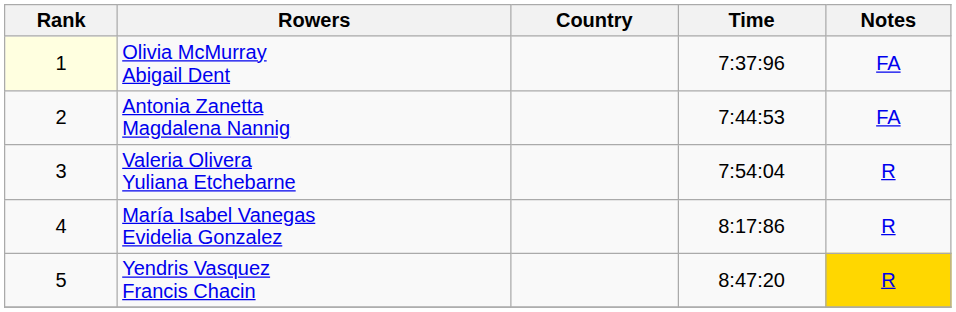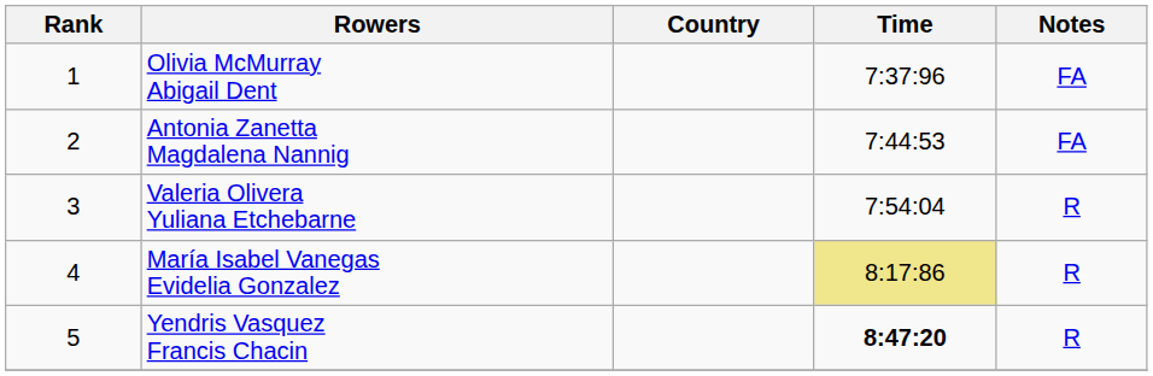 <table class="wikitable" width=60% style="text-align:center">
 <tr>
 <th>Rank</th>
 <th>Rowers</th>
 <th>Country</th>
 <th>Time</th>
 <th>Notes</th>
 </tr>
 <tr>
-<td style="background: lightyellow;">1</td>
+<td>1</td>
 <td align=left><a href='#'>Olivia McMurray</a><br><a href='#'>Abigail Dent</a></td>
 <td align=left></td>
 <td>7:37:96</td>
 <td><a href='#'>FA</a></td>
 </tr>
 <tr>
 <td>2</td>
 <td align=left><a href='#'>Antonia Zanetta</a><br><a href='#'>Magdalena Nannig</a></td>
 <td align=left></td>
 <td>7:44:53</td>
 <td><a href='#'>FA</a></td>
 </tr>
 <tr>
 <td>3</td>
 <td align=left><a href='#'>Valeria Olivera</a><br><a href='#'>Yuliana Etchebarne</a></td>
 <td align=left></td>
 <td>7:54:04</td>
 <td><a href='#'>R</a></td>
 </tr>
 <tr>
 <td>4</td>
 <td align=left><a href='#'>María Isabel Vanegas</a><br><a href='#'>Evidelia Gonzalez</a></td>
 <td align=left></td>
-<td>8:17:86</td>
+<td style="background: khaki;">8:17:86</td>
 <td><a href='#'>R</a></td>
 </tr>
 <tr>
 <td>5</td>
 <td align=left><a href='#'>Yendris Vasquez</a><br><a href='#'>Francis Chacin</a></td>
 <td align=left></td>
-<td>8:47:20</td>
-<td style="background: gold;"><a href='#'>R</a></td>
+<td><strong>8:47:20</strong></td>
+<td><a href='#'>R</a></td>
 </tr>
 <tr>
 </tr>
 </table>
